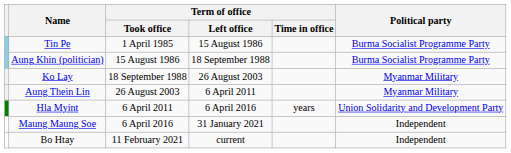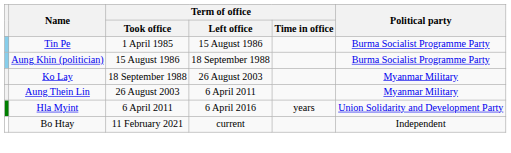 <table class="wikitable" style="text-align:center">
 <tr>
 <th rowspan="2"></th>
 <th rowspan="2">Name</th>
 <th colspan="3">Term of office</th>
 <th rowspan="2">Political party</th>
 </tr>
 <tr>
 <th>Took office</th>
 <th>Left office</th>
 <th>Time in office</th>
 </tr>
 <tr>
 <th style="background:SkyBlue;"></th>
 <td><a href='#'>Tin Pe</a></td>
 <td>1 April 1985</td>
 <td>15 August 1986</td>
 <td></td>
 <td><a href='#'>Burma Socialist Programme Party</a></td>
 </tr>
 <tr>
 <th style="background:SkyBlue;"></th>
 <td><a href='#'>Aung Khin (politician)</a></td>
 <td>15 August 1986</td>
 <td>18 September 1988</td>
 <td></td>
 <td><a href='#'>Burma Socialist Programme Party</a></td>
 </tr>
 <tr>
 <th style="background:"></th>
 <td><a href='#'>Ko Lay</a></td>
 <td>18 September 1988</td>
 <td>26 August 2003</td>
 <td></td>
 <td><a href='#'>Myanmar Military</a></td>
 </tr>
 <tr>
 <th style="background:"></th>
 <td><a href='#'>Aung Thein Lin</a></td>
 <td>26 August 2003</td>
 <td>6 April 2011</td>
 <td></td>
 <td><a href='#'>Myanmar Military</a></td>
 </tr>
 <tr>
 <th style="background:Green;"></th>
 <td><a href='#'>Hla Myint</a></td>
 <td>6 April 2011</td>
 <td>6 April 2016</td>
 <td> years</td>
 <td><a href='#'>Union Solidarity and Development Party</a></td>
 </tr>
 <tr>
 <th style="background:White;"></th>
-<td><a href='#'>Maung Maung Soe</a></td>
-<td>6 April 2016</td>
-<td>31 January 2021</td>
-<td></td>
-<td>Independent</td>
-</tr>
-<tr>
-<th style="background:White;"></th>
 <td>Bo Htay</td>
 <td>11 February 2021</td>
 <td>current</td>
 <td></td>
 <td>Independent</td>
 </tr>
 </table>
